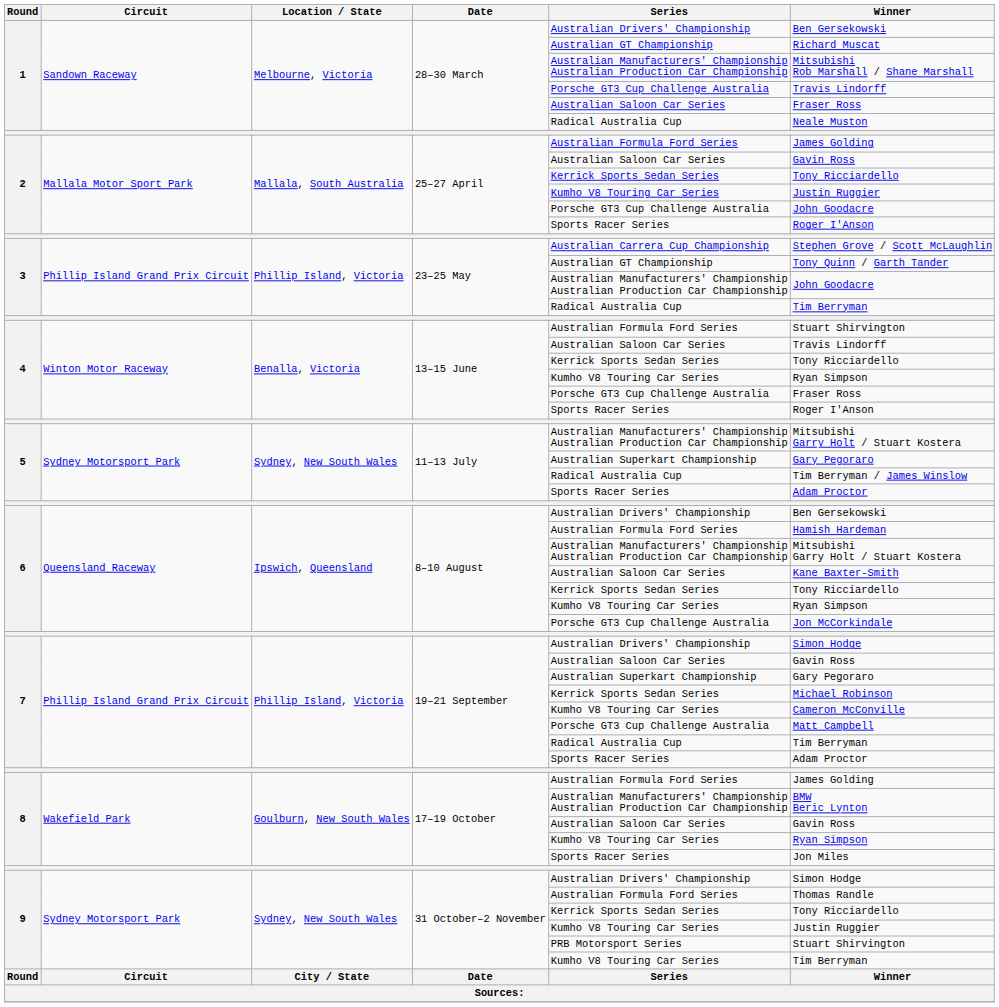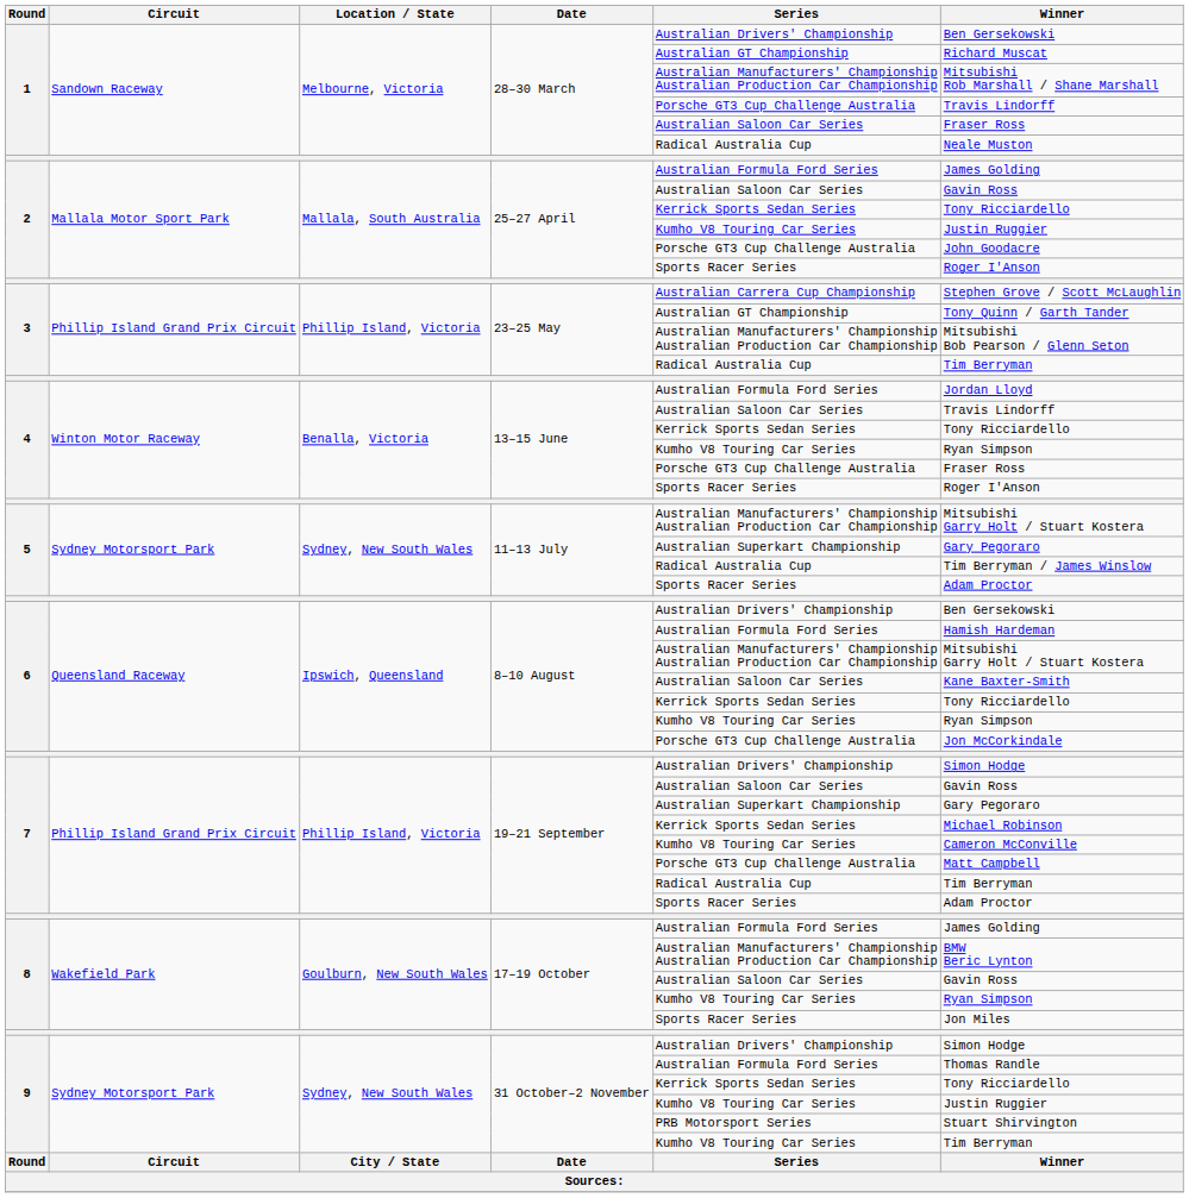 <table class="wikitable" style="font-size: 85%">
 <tr>
 <th>Round</th>
 <th>Circuit</th>
 <th>Location / State</th>
 <th>Date</th>
 <th>Series</th>
 <th>Winner</th>
 </tr>
 <tr>
 <th rowspan="6">1</th>
 <td rowspan="6"> <a href='#'>Sandown Raceway</a></td>
 <td rowspan="6"><a href='#'>Melbourne</a>, <a href='#'>Victoria</a></td>
 <td rowspan="6">28–30 March</td>
 <td><a href='#'>Australian Drivers' Championship</a></td>
 <td><a href='#'>Ben Gersekowski</a></td>
 </tr>
 <tr>
 <td><a href='#'>Australian GT Championship</a></td>
 <td><a href='#'>Richard Muscat</a></td>
 </tr>
 <tr>
 <td><a href='#'>Australian Manufacturers' Championship</a><br><a href='#'>Australian Production Car Championship</a></td>
 <td><a href='#'>Mitsubishi</a><br><a href='#'>Rob Marshall</a> / <a href='#'>Shane Marshall</a></td>
 </tr>
 <tr>
 <td><a href='#'>Porsche GT3 Cup Challenge Australia</a></td>
 <td><a href='#'>Travis Lindorff</a></td>
 </tr>
 <tr>
 <td><a href='#'>Australian Saloon Car Series</a></td>
 <td><a href='#'>Fraser Ross</a></td>
 </tr>
 <tr>
 <td>Radical Australia Cup</td>
 <td><a href='#'>Neale Muston</a></td>
 </tr>
 <tr>
 <th colspan="6"></th>
 </tr>
 <tr>
 <th rowspan="6">2</th>
 <td rowspan="6"> <a href='#'>Mallala Motor Sport Park</a></td>
 <td rowspan="6"><a href='#'>Mallala</a>, <a href='#'>South Australia</a></td>
 <td rowspan="6">25–27 April</td>
 <td><a href='#'>Australian Formula Ford Series</a></td>
 <td><a href='#'>James Golding</a></td>
 </tr>
 <tr>
 <td>Australian Saloon Car Series</td>
 <td><a href='#'>Gavin Ross</a></td>
 </tr>
 <tr>
 <td><a href='#'>Kerrick Sports Sedan Series</a></td>
 <td><a href='#'>Tony Ricciardello</a></td>
 </tr>
 <tr>
 <td><a href='#'>Kumho V8 Touring Car Series</a></td>
 <td><a href='#'>Justin Ruggier</a></td>
 </tr>
 <tr>
 <td>Porsche GT3 Cup Challenge Australia</td>
 <td><a href='#'>John Goodacre</a></td>
 </tr>
 <tr>
 <td>Sports Racer Series</td>
 <td><a href='#'>Roger I'Anson</a></td>
 </tr>
 <tr>
 <th colspan="6"></th>
 </tr>
 <tr>
 <th rowspan="4">3</th>
 <td rowspan="4"> <a href='#'>Phillip Island Grand Prix Circuit</a></td>
 <td rowspan="4"><a href='#'>Phillip Island</a>, <a href='#'>Victoria</a></td>
 <td rowspan="4">23–25 May</td>
 <td><a href='#'>Australian Carrera Cup Championship</a></td>
 <td><a href='#'>Stephen Grove</a> / <a href='#'>Scott McLaughlin</a></td>
 </tr>
 <tr>
 <td>Australian GT Championship</td>
 <td><a href='#'>Tony Quinn</a> / <a href='#'>Garth Tander</a></td>
 </tr>
 <tr>
 <td>Australian Manufacturers' Championship<br>Australian Production Car Championship</td>
-<td><a href='#'>John Goodacre</a></td>
+<td>Mitsubishi<br>Bob Pearson / <a href='#'>Glenn Seton</a></td>
 </tr>
 <tr>
 <td>Radical Australia Cup</td>
 <td><a href='#'>Tim Berryman</a></td>
 </tr>
 <tr>
 <th colspan="6"></th>
 </tr>
 <tr>
 <th rowspan="6">4</th>
 <td rowspan="6"> <a href='#'>Winton Motor Raceway</a></td>
 <td rowspan="6"><a href='#'>Benalla</a>, <a href='#'>Victoria</a></td>
 <td rowspan="6">13–15 June</td>
 <td>Australian Formula Ford Series</td>
-<td>Stuart Shirvington</td>
+<td><a href='#'>Jordan Lloyd</a></td>
 </tr>
 <tr>
 <td>Australian Saloon Car Series</td>
 <td>Travis Lindorff</td>
 </tr>
 <tr>
 <td>Kerrick Sports Sedan Series</td>
 <td>Tony Ricciardello</td>
 </tr>
 <tr>
 <td>Kumho V8 Touring Car Series</td>
 <td>Ryan Simpson</td>
 </tr>
 <tr>
 <td>Porsche GT3 Cup Challenge Australia</td>
 <td>Fraser Ross</td>
 </tr>
 <tr>
 <td>Sports Racer Series</td>
 <td>Roger I'Anson</td>
 </tr>
 <tr>
 <th colspan="6"></th>
 </tr>
 <tr>
 <th rowspan="4">5</th>
 <td rowspan="4"> <a href='#'>Sydney Motorsport Park</a></td>
 <td rowspan="4"><a href='#'>Sydney</a>, <a href='#'>New South Wales</a></td>
 <td rowspan="4">11–13 July</td>
 <td>Australian Manufacturers' Championship<br>Australian Production Car Championship</td>
 <td>Mitsubishi<br><a href='#'>Garry Holt</a> / Stuart Kostera</td>
 </tr>
 <tr>
 <td>Australian Superkart Championship</td>
 <td><a href='#'>Gary Pegoraro</a></td>
 </tr>
 <tr>
 <td>Radical Australia Cup</td>
 <td>Tim Berryman / <a href='#'>James Winslow</a></td>
 </tr>
 <tr>
 <td>Sports Racer Series</td>
 <td><a href='#'>Adam Proctor</a></td>
 </tr>
 <tr>
 <th colspan="6"></th>
 </tr>
 <tr>
 <th rowspan="7">6</th>
 <td rowspan="7"> <a href='#'>Queensland Raceway</a></td>
 <td rowspan="7"><a href='#'>Ipswich</a>, <a href='#'>Queensland</a></td>
 <td rowspan="7">8–10 August</td>
 <td>Australian Drivers' Championship</td>
 <td>Ben Gersekowski</td>
 </tr>
 <tr>
 <td>Australian Formula Ford Series</td>
 <td><a href='#'>Hamish Hardeman</a></td>
 </tr>
 <tr>
 <td>Australian Manufacturers' Championship<br>Australian Production Car Championship</td>
 <td>Mitsubishi<br>Garry Holt / Stuart Kostera</td>
 </tr>
 <tr>
 <td>Australian Saloon Car Series</td>
 <td><a href='#'>Kane Baxter-Smith</a></td>
 </tr>
 <tr>
 <td>Kerrick Sports Sedan Series</td>
 <td>Tony Ricciardello</td>
 </tr>
 <tr>
 <td>Kumho V8 Touring Car Series</td>
 <td>Ryan Simpson</td>
 </tr>
 <tr>
 <td>Porsche GT3 Cup Challenge Australia</td>
 <td><a href='#'>Jon McCorkindale</a></td>
 </tr>
 <tr>
 <th colspan="6"></th>
 </tr>
 <tr>
 <th rowspan="8">7</th>
 <td rowspan="8"> <a href='#'>Phillip Island Grand Prix Circuit</a></td>
 <td rowspan="8"><a href='#'>Phillip Island</a>, <a href='#'>Victoria</a></td>
 <td rowspan="8">19–21 September</td>
 <td>Australian Drivers' Championship</td>
 <td><a href='#'>Simon Hodge</a></td>
 </tr>
 <tr>
 <td>Australian Saloon Car Series</td>
 <td>Gavin Ross</td>
 </tr>
 <tr>
 <td>Australian Superkart Championship</td>
 <td>Gary Pegoraro</td>
 </tr>
 <tr>
 <td>Kerrick Sports Sedan Series</td>
 <td><a href='#'>Michael Robinson</a></td>
 </tr>
 <tr>
 <td>Kumho V8 Touring Car Series</td>
 <td><a href='#'>Cameron McConville</a></td>
 </tr>
 <tr>
 <td>Porsche GT3 Cup Challenge Australia</td>
 <td><a href='#'>Matt Campbell</a></td>
 </tr>
 <tr>
 <td>Radical Australia Cup</td>
 <td>Tim Berryman</td>
 </tr>
 <tr>
 <td>Sports Racer Series</td>
 <td>Adam Proctor</td>
 </tr>
 <tr>
 <th colspan="6"></th>
 </tr>
 <tr>
 <th rowspan="5">8</th>
 <td rowspan="5"> <a href='#'>Wakefield Park</a></td>
 <td rowspan="5"><a href='#'>Goulburn</a>, <a href='#'>New South Wales</a></td>
 <td rowspan="5">17–19 October</td>
 <td>Australian Formula Ford Series</td>
 <td>James Golding</td>
 </tr>
 <tr>
 <td>Australian Manufacturers' Championship<br>Australian Production Car Championship</td>
 <td><a href='#'>BMW</a><br><a href='#'>Beric Lynton</a></td>
 </tr>
 <tr>
 <td>Australian Saloon Car Series</td>
 <td>Gavin Ross</td>
 </tr>
 <tr>
 <td>Kumho V8 Touring Car Series</td>
 <td><a href='#'>Ryan Simpson</a></td>
 </tr>
 <tr>
 <td>Sports Racer Series</td>
 <td>Jon Miles</td>
 </tr>
 <tr>
 <th colspan="6"></th>
 </tr>
 <tr>
 <th rowspan="6">9</th>
 <td rowspan="6"> <a href='#'>Sydney Motorsport Park</a></td>
 <td rowspan="6"><a href='#'>Sydney</a>, <a href='#'>New South Wales</a></td>
 <td rowspan="6">31 October–2 November</td>
 <td>Australian Drivers' Championship</td>
 <td>Simon Hodge</td>
 </tr>
 <tr>
 <td>Australian Formula Ford Series</td>
 <td>Thomas Randle</td>
 </tr>
 <tr>
 <td>Kerrick Sports Sedan Series</td>
 <td>Tony Ricciardello</td>
 </tr>
 <tr>
 <td>Kumho V8 Touring Car Series</td>
 <td>Justin Ruggier</td>
 </tr>
 <tr>
 <td>PRB Motorsport Series</td>
 <td>Stuart Shirvington</td>
 </tr>
 <tr>
 <td>Kumho V8 Touring Car Series</td>
 <td>Tim Berryman</td>
 </tr>
 <tr>
 <th>Round</th>
 <th>Circuit</th>
 <th>City / State</th>
 <th>Date</th>
 <th>Series</th>
 <th>Winner</th>
 </tr>
 <tr>
 <th colspan=6>Sources:</th>
 </tr>
 <tr>
 </tr>
 </table>
